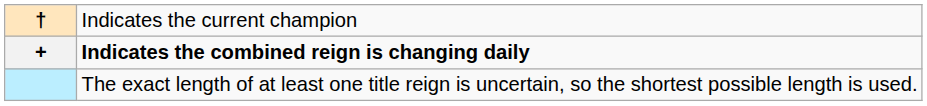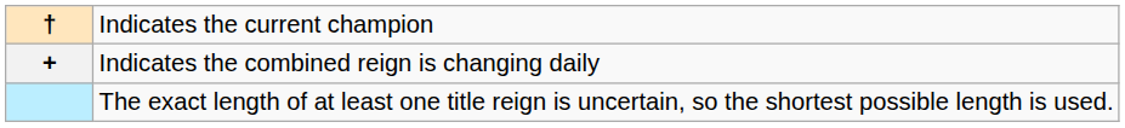 <table class="wikitable">
 <tr>
 <th style="background-color:#ffe6bd" width=50px>†</th>
 <td>Indicates the current champion</td>
 </tr>
 <tr>
 <th>+</th>
-<td><strong>Indicates the combined reign is changing daily</strong></td>
+<td>Indicates the combined reign is changing daily</td>
 </tr>
 <tr>
 <td style="background-color:#bbeeff"></td>
 <td>The exact length of at least one title reign is uncertain, so the shortest possible length is used.</td>
 </tr>
 </table>
